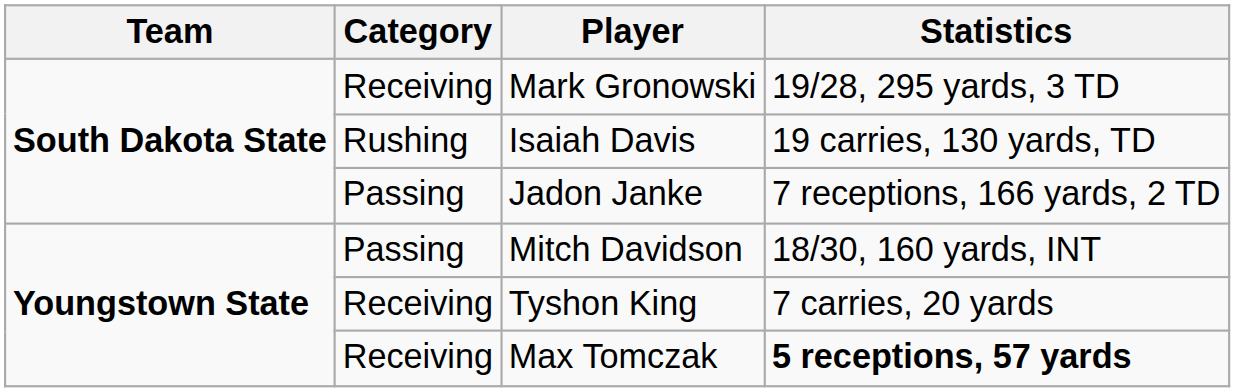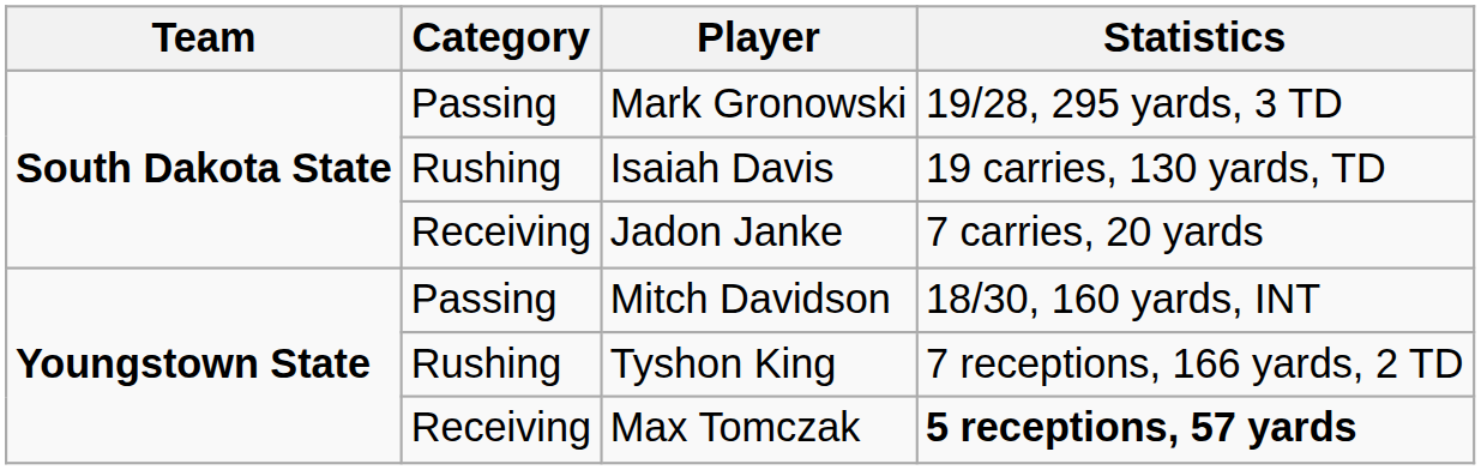 <table class="wikitable" style="float: left;">
 <tr>
 <th>Team</th>
 <th>Category</th>
 <th>Player</th>
 <th>Statistics</th>
 </tr>
 <tr>
 <td rowspan=3><strong>South Dakota State</strong></td>
-<td>Receiving</td>
+<td>Passing</td>
 <td>Mark Gronowski</td>
 <td>19/28, 295 yards, 3 TD</td>
 </tr>
 <tr>
 <td>Rushing</td>
 <td>Isaiah Davis</td>
 <td>19 carries, 130 yards, TD</td>
 </tr>
 <tr>
-<td>Passing</td>
+<td>Receiving</td>
 <td>Jadon Janke</td>
-<td>7 receptions, 166 yards, 2 TD</td>
+<td>7 carries, 20 yards</td>
 </tr>
 <tr>
 <td rowspan=3><strong>Youngstown State</strong></td>
 <td>Passing</td>
 <td>Mitch Davidson</td>
 <td>18/30, 160 yards, INT</td>
 </tr>
 <tr>
-<td>Receiving</td>
+<td>Rushing</td>
 <td>Tyshon King</td>
-<td>7 carries, 20 yards</td>
+<td>7 receptions, 166 yards, 2 TD</td>
 </tr>
 <tr>
 <td>Receiving</td>
 <td>Max Tomczak</td>
 <td><strong>5 receptions, 57 yards</strong></td>
 </tr>
 </table>
